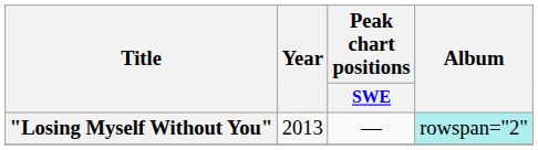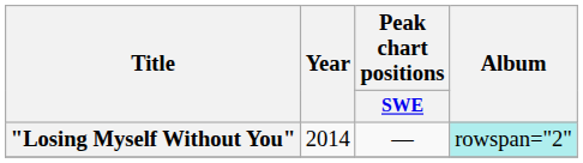 <table class="wikitable plainrowheaders" style="text-align:center;">
 <tr>
 <th scope="col" rowspan="2">Title</th>
 <th scope="col" rowspan="2">Year</th>
 <th scope="col" colspan="1">Peak chart positions</th>
 <th scope="col" rowspan="2">Album</th>
 </tr>
 <tr>
 <th scope="col" style="width:3em;font-size:85%;"><a href='#'>SWE</a></th>
 </tr>
 <tr>
 <th scope="row">"Losing Myself Without You"</th>
-<td>2013</td>
+<td>2014</td>
 <td>—</td>
 <td style="background: paleturquoise;">rowspan="2" </td>
 </tr>
 <tr>
 </tr>
 </table>
